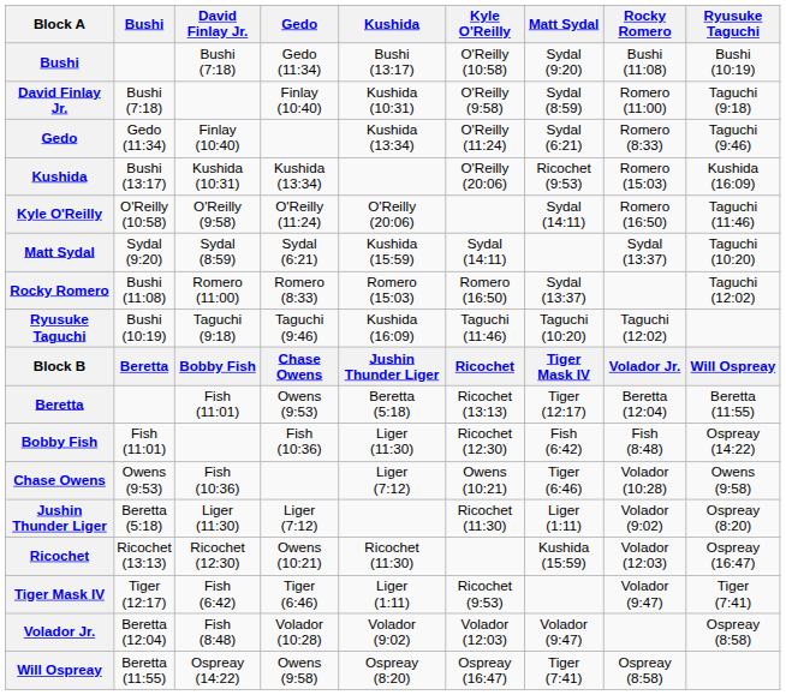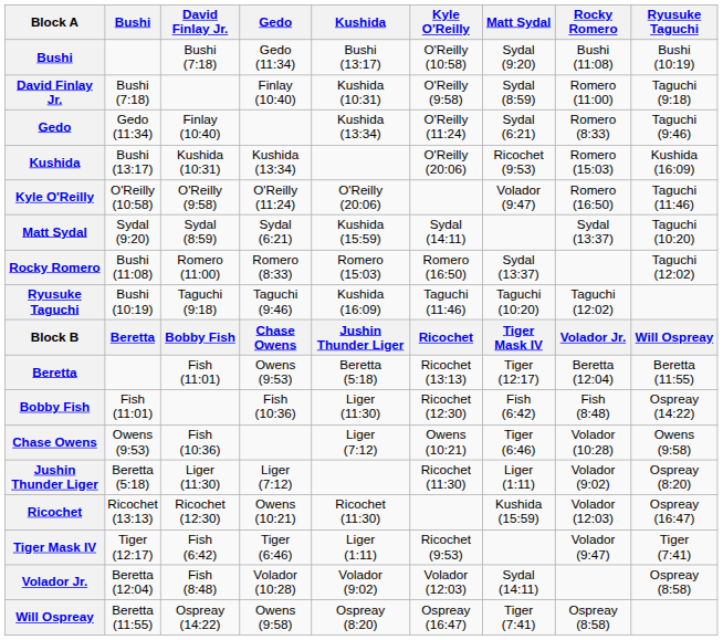 <table class="wikitable" style="margin: 1em auto 1em auto">
 <tr align="center">
 <th>Block A</th>
 <th><a href='#'>Bushi</a></th>
 <th><a href='#'>David Finlay Jr.</a></th>
 <th><a href='#'>Gedo</a></th>
 <th><a href='#'>Kushida</a></th>
 <th><a href='#'>Kyle O'Reilly</a></th>
 <th><a href='#'>Matt Sydal</a></th>
 <th><a href='#'>Rocky Romero</a></th>
 <th><a href='#'>Ryusuke Taguchi</a></th>
 </tr>
 <tr align="center">
 <th><a href='#'>Bushi</a></th>
 <td></td>
 <td>Bushi<br>(7:18)</td>
 <td>Gedo<br>(11:34)</td>
 <td>Bushi<br>(13:17)</td>
 <td>O'Reilly<br>(10:58)</td>
 <td>Sydal<br>(9:20)</td>
 <td>Bushi<br>(11:08)</td>
 <td>Bushi<br>(10:19)</td>
 </tr>
 <tr align="center">
 <th><a href='#'>David Finlay Jr.</a></th>
 <td>Bushi<br>(7:18)</td>
 <td></td>
 <td>Finlay<br>(10:40)</td>
 <td>Kushida<br>(10:31)</td>
 <td>O'Reilly<br>(9:58)</td>
 <td>Sydal<br>(8:59)</td>
 <td>Romero<br>(11:00)</td>
 <td>Taguchi<br>(9:18)</td>
 </tr>
 <tr align="center">
 <th><a href='#'>Gedo</a></th>
 <td>Gedo<br>(11:34)</td>
 <td>Finlay<br>(10:40)</td>
 <td></td>
 <td>Kushida<br>(13:34)</td>
 <td>O'Reilly<br>(11:24)</td>
 <td>Sydal<br>(6:21)</td>
 <td>Romero<br>(8:33)</td>
 <td>Taguchi<br>(9:46)</td>
 </tr>
 <tr align="center">
 <th><a href='#'>Kushida</a></th>
 <td>Bushi<br>(13:17)</td>
 <td>Kushida<br>(10:31)</td>
 <td>Kushida<br>(13:34)</td>
 <td></td>
 <td>O'Reilly<br>(20:06)</td>
 <td>Ricochet<br>(9:53)</td>
 <td>Romero<br>(15:03)</td>
 <td>Kushida<br>(16:09)</td>
 </tr>
 <tr align="center">
 <th><a href='#'>Kyle O'Reilly</a></th>
 <td>O'Reilly<br>(10:58)</td>
 <td>O'Reilly<br>(9:58)</td>
 <td>O'Reilly<br>(11:24)</td>
 <td>O'Reilly<br>(20:06)</td>
 <td></td>
-<td>Sydal<br>(14:11)</td>
+<td>Volador<br>(9:47)</td>
 <td>Romero<br>(16:50)</td>
 <td>Taguchi<br>(11:46)</td>
 </tr>
 <tr align="center">
 <th><a href='#'>Matt Sydal</a></th>
 <td>Sydal<br>(9:20)</td>
 <td>Sydal<br>(8:59)</td>
 <td>Sydal<br>(6:21)</td>
 <td>Kushida<br>(15:59)</td>
 <td>Sydal<br>(14:11)</td>
 <td></td>
 <td>Sydal<br>(13:37)</td>
 <td>Taguchi<br>(10:20)</td>
 </tr>
 <tr align="center">
 <th><a href='#'>Rocky Romero</a></th>
 <td>Bushi<br>(11:08)</td>
 <td>Romero<br>(11:00)</td>
 <td>Romero<br>(8:33)</td>
 <td>Romero<br>(15:03)</td>
 <td>Romero<br>(16:50)</td>
 <td>Sydal<br>(13:37)</td>
 <td></td>
 <td>Taguchi<br>(12:02)</td>
 </tr>
 <tr align="center">
 <th><a href='#'>Ryusuke Taguchi</a></th>
 <td>Bushi<br>(10:19)</td>
 <td>Taguchi<br>(9:18)</td>
 <td>Taguchi<br>(9:46)</td>
 <td>Kushida<br>(16:09)</td>
 <td>Taguchi<br>(11:46)</td>
 <td>Taguchi<br>(10:20)</td>
 <td>Taguchi<br>(12:02)</td>
 <td></td>
 </tr>
 <tr align="center">
 <th>Block B</th>
 <th><a href='#'>Beretta</a></th>
 <th><a href='#'>Bobby Fish</a></th>
 <th><a href='#'>Chase Owens</a></th>
 <th><a href='#'>Jushin Thunder Liger</a></th>
 <th><a href='#'>Ricochet</a></th>
 <th><a href='#'>Tiger Mask IV</a></th>
 <th><a href='#'>Volador Jr.</a></th>
 <th><a href='#'>Will Ospreay</a></th>
 </tr>
 <tr align="center">
 <th><a href='#'>Beretta</a></th>
 <td></td>
 <td>Fish<br>(11:01)</td>
 <td>Owens<br>(9:53)</td>
 <td>Beretta<br>(5:18)</td>
 <td>Ricochet<br>(13:13)</td>
 <td>Tiger<br>(12:17)</td>
 <td>Beretta<br>(12:04)</td>
 <td>Beretta<br>(11:55)</td>
 </tr>
 <tr align="center">
 <th><a href='#'>Bobby Fish</a></th>
 <td>Fish<br>(11:01)</td>
 <td></td>
 <td>Fish<br>(10:36)</td>
 <td>Liger<br>(11:30)</td>
 <td>Ricochet<br>(12:30)</td>
 <td>Fish<br>(6:42)</td>
 <td>Fish<br>(8:48)</td>
 <td>Ospreay<br>(14:22)</td>
 </tr>
 <tr align="center">
 <th><a href='#'>Chase Owens</a></th>
 <td>Owens<br>(9:53)</td>
 <td>Fish<br>(10:36)</td>
 <td></td>
 <td>Liger<br>(7:12)</td>
 <td>Owens<br>(10:21)</td>
 <td>Tiger<br>(6:46)</td>
 <td>Volador<br>(10:28)</td>
 <td>Owens<br>(9:58)</td>
 </tr>
 <tr align="center">
 <th><a href='#'>Jushin Thunder Liger</a></th>
 <td>Beretta<br>(5:18)</td>
 <td>Liger<br>(11:30)</td>
 <td>Liger<br>(7:12)</td>
 <td></td>
 <td>Ricochet<br>(11:30)</td>
 <td>Liger<br>(1:11)</td>
 <td>Volador<br>(9:02)</td>
 <td>Ospreay<br>(8:20)</td>
 </tr>
 <tr align="center">
 <th><a href='#'>Ricochet</a></th>
 <td>Ricochet<br>(13:13)</td>
 <td>Ricochet<br>(12:30)</td>
 <td>Owens<br>(10:21)</td>
 <td>Ricochet<br>(11:30)</td>
 <td></td>
 <td>Kushida<br>(15:59)</td>
 <td>Volador<br>(12:03)</td>
 <td>Ospreay<br>(16:47)</td>
 </tr>
 <tr align="center">
 <th><a href='#'>Tiger Mask IV</a></th>
 <td>Tiger<br>(12:17)</td>
 <td>Fish<br>(6:42)</td>
 <td>Tiger<br>(6:46)</td>
 <td>Liger<br>(1:11)</td>
 <td>Ricochet<br>(9:53)</td>
 <td></td>
 <td>Volador<br>(9:47)</td>
 <td>Tiger<br>(7:41)</td>
 </tr>
 <tr align="center">
 <th><a href='#'>Volador Jr.</a></th>
 <td>Beretta<br>(12:04)</td>
 <td>Fish<br>(8:48)</td>
 <td>Volador<br>(10:28)</td>
 <td>Volador<br>(9:02)</td>
 <td>Volador<br>(12:03)</td>
-<td>Volador<br>(9:47)</td>
+<td>Sydal<br>(14:11)</td>
 <td></td>
 <td>Ospreay<br>(8:58)</td>
 </tr>
 <tr align="center">
 <th><a href='#'>Will Ospreay</a></th>
 <td>Beretta<br>(11:55)</td>
 <td>Ospreay<br>(14:22)</td>
 <td>Owens<br>(9:58)</td>
 <td>Ospreay<br>(8:20)</td>
 <td>Ospreay<br>(16:47)</td>
 <td>Tiger<br>(7:41)</td>
 <td>Ospreay<br>(8:58)</td>
 <td></td>
 </tr>
 </table>
